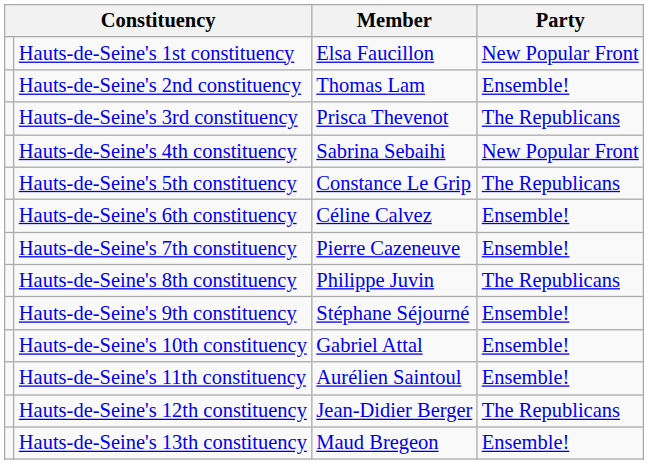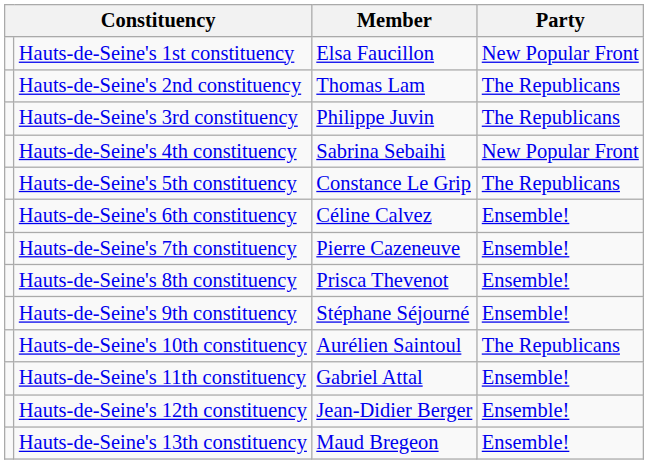 <table class="wikitable">
 <tr>
 <th colspan="2">Constituency</th>
 <th>Member</th>
 <th>Party</th>
 </tr>
 <tr>
 <td style="background-color: "></td>
 <td><a href='#'>Hauts-de-Seine's 1st constituency</a></td>
 <td><a href='#'>Elsa Faucillon</a></td>
 <td><a href='#'>New Popular Front</a></td>
 </tr>
 <tr>
 <td style="background-color: "></td>
 <td><a href='#'>Hauts-de-Seine's 2nd constituency</a></td>
 <td><a href='#'>Thomas Lam</a></td>
-<td><a href='#'>Ensemble!</a></td>
+<td><a href='#'>The Republicans</a></td>
 </tr>
 <tr>
 <td style="background-color: "></td>
 <td><a href='#'>Hauts-de-Seine's 3rd constituency</a></td>
-<td><a href='#'>Prisca Thevenot</a></td>
+<td><a href='#'>Philippe Juvin</a></td>
 <td><a href='#'>The Republicans</a></td>
 </tr>
 <tr>
 <td style="background-color: "></td>
 <td><a href='#'>Hauts-de-Seine's 4th constituency</a></td>
 <td><a href='#'>Sabrina Sebaihi</a></td>
 <td><a href='#'>New Popular Front</a></td>
 </tr>
 <tr>
 <td style="background-color: "></td>
 <td><a href='#'>Hauts-de-Seine's 5th constituency</a></td>
 <td><a href='#'>Constance Le Grip</a></td>
 <td><a href='#'>The Republicans</a></td>
 </tr>
 <tr>
 <td style="background-color: "></td>
 <td><a href='#'>Hauts-de-Seine's 6th constituency</a></td>
 <td><a href='#'>Céline Calvez</a></td>
 <td><a href='#'>Ensemble!</a></td>
 </tr>
 <tr>
 <td style="background-color: "></td>
 <td><a href='#'>Hauts-de-Seine's 7th constituency</a></td>
 <td><a href='#'>Pierre Cazeneuve</a></td>
 <td><a href='#'>Ensemble!</a></td>
 </tr>
 <tr>
 <td style="background-color: "></td>
 <td><a href='#'>Hauts-de-Seine's 8th constituency</a></td>
-<td><a href='#'>Philippe Juvin</a></td>
-<td><a href='#'>The Republicans</a></td>
+<td><a href='#'>Prisca Thevenot</a></td>
+<td><a href='#'>Ensemble!</a></td>
 </tr>
 <tr>
 <td style="background-color: "></td>
 <td><a href='#'>Hauts-de-Seine's 9th constituency</a></td>
 <td><a href='#'>Stéphane Séjourné</a></td>
 <td><a href='#'>Ensemble!</a></td>
 </tr>
 <tr>
 <td style="background-color: "></td>
 <td><a href='#'>Hauts-de-Seine's 10th constituency</a></td>
-<td><a href='#'>Gabriel Attal</a></td>
-<td><a href='#'>Ensemble!</a></td>
+<td><a href='#'>Aurélien Saintoul</a></td>
+<td><a href='#'>The Republicans</a></td>
 </tr>
 <tr>
 <td style="background-color: "></td>
 <td><a href='#'>Hauts-de-Seine's 11th constituency</a></td>
-<td><a href='#'>Aurélien Saintoul</a></td>
+<td><a href='#'>Gabriel Attal</a></td>
 <td><a href='#'>Ensemble!</a></td>
 </tr>
 <tr>
 <td style="background-color: "></td>
 <td><a href='#'>Hauts-de-Seine's 12th constituency</a></td>
 <td><a href='#'>Jean-Didier Berger</a></td>
-<td><a href='#'>The Republicans</a></td>
+<td><a href='#'>Ensemble!</a></td>
 </tr>
 <tr>
 <td style="background-color: "></td>
 <td><a href='#'>Hauts-de-Seine's 13th constituency</a></td>
 <td><a href='#'>Maud Bregeon</a></td>
 <td><a href='#'>Ensemble!</a></td>
 </tr>
 </table>
